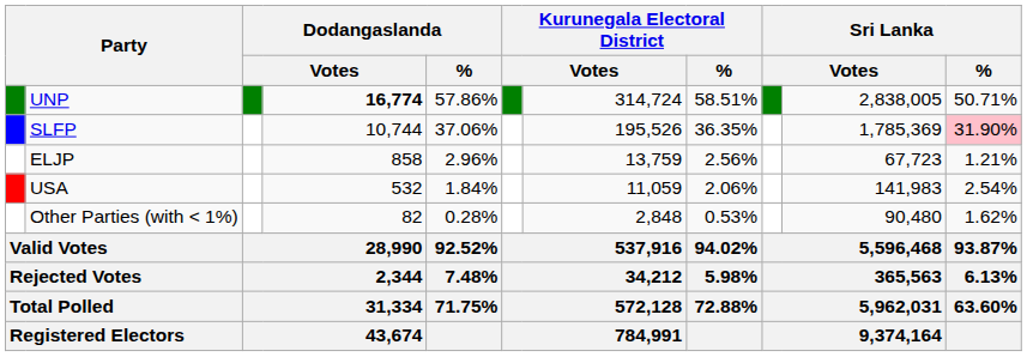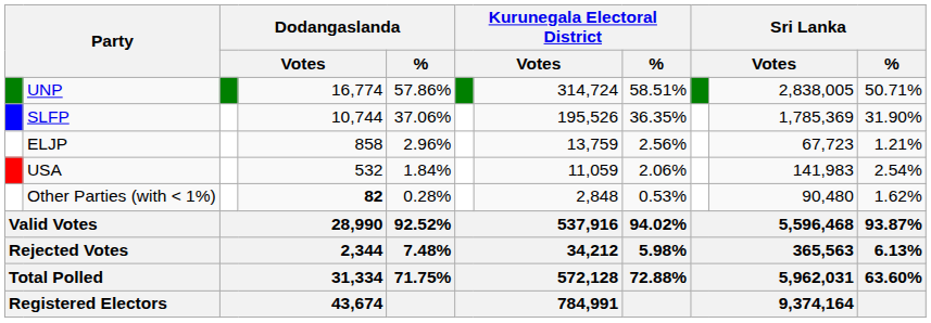 <table class="wikitable">
 <tr>
 <th colspan="2" width="144px"rowspan="2">Party</th>
 <th colspan="3" width="216px">Dodangaslanda</th>
 <th colspan="3" width="216px"><a href='#'>Kurunegala Electoral District</a></th>
 <th colspan="3" width="216px">Sri Lanka</th>
 </tr>
 <tr>
 <th colspan="2" width="144px">Votes</th>
 <th>%</th>
 <th colspan="2" width="144px">Votes</th>
 <th>%</th>
 <th colspan="2" width="144px">Votes</th>
 <th>%</th>
 </tr>
 <tr>
 <td style="background-color:green;" width="10px"></td>
 <td style="text-align:left;"><a href='#'>UNP</a></td>
 <td style="background-color:green;" width="10px"></td>
-<td style="text-align:right;"><strong>16,774</strong></td>
+<td style="text-align:right;">16,774</td>
 <td style="text-align:right;">57.86%</td>
 <td style="background-color:green;" width="10px"></td>
 <td style="text-align:right;">314,724</td>
 <td style="text-align:right;">58.51%</td>
 <td style="background-color:green;" width="10px"></td>
 <td style="text-align:right;">2,838,005</td>
 <td style="text-align:right;">50.71%</td>
 </tr>
 <tr>
 <td style="background-color:blue;" width="10px"></td>
 <td style="text-align:left;"><a href='#'>SLFP</a></td>
 <td style="background-color:white;" width="10px"></td>
 <td style="text-align:right;">10,744</td>
 <td style="text-align:right;">37.06%</td>
 <td style="background-color:white;" width="10px"></td>
 <td style="text-align:right;">195,526</td>
 <td style="text-align:right;">36.35%</td>
 <td style="background-color:white;" width="10px"></td>
 <td style="text-align:right;">1,785,369</td>
-<td style="background: pink; text-align:right;">31.90%</td>
+<td style="text-align:right;">31.90%</td>
 </tr>
 <tr>
 <td style="background-color:white;" width="10px"></td>
 <td style="text-align:left;">ELJP</td>
 <td style="background-color:white;" width="10px"></td>
 <td style="text-align:right;">858</td>
 <td style="text-align:right;">2.96%</td>
 <td style="background-color:white;" width="10px"></td>
 <td style="text-align:right;">13,759</td>
 <td style="text-align:right;">2.56%</td>
 <td style="background-color:white;" width="10px"></td>
 <td style="text-align:right;">67,723</td>
 <td style="text-align:right;">1.21%</td>
 </tr>
 <tr>
 <td style="background-color:red;" width="10px"></td>
 <td style="text-align:left;">USA</td>
 <td style="background-color:white;" width="10px"></td>
 <td style="text-align:right;">532</td>
 <td style="text-align:right;">1.84%</td>
 <td style="background-color:white;" width="10px"></td>
 <td style="text-align:right;">11,059</td>
 <td style="text-align:right;">2.06%</td>
 <td style="background-color:white;" width="10px"></td>
 <td style="text-align:right;">141,983</td>
 <td style="text-align:right;">2.54%</td>
 </tr>
 <tr>
 <td style="background-color:white;" width="10px"></td>
 <td style="text-align:left;">Other Parties (with < 1%)</td>
 <td style="background-color:white;" width="10px"></td>
-<td style="text-align:right;">82</td>
+<td style="text-align:right;"><strong>82</strong></td>
 <td style="text-align:right;">0.28%</td>
 <td style="background-color:white;" width="10px"></td>
 <td style="text-align:right;">2,848</td>
 <td style="text-align:right;">0.53%</td>
 <td style="background-color:white;" width="10px"></td>
 <td style="text-align:right;">90,480</td>
 <td style="text-align:right;">1.62%</td>
 </tr>
 <tr>
 <th colspan="2" width="144px"style="text-align:left;">Valid Votes</th>
 <th style="text-align:right;"colspan="2" width="144px">28,990</th>
 <th style="text-align:right;">92.52%</th>
 <th style="text-align:right;"colspan="2" width="144px">537,916</th>
 <th style="text-align:right;">94.02%</th>
 <th style="text-align:right;"colspan="2" width="144px">5,596,468</th>
 <th style="text-align:right;">93.87%</th>
 </tr>
 <tr>
 <th colspan="2" width="144px"style="text-align:left;">Rejected Votes</th>
 <th style="text-align:right;"colspan="2" width="144px">2,344</th>
 <th style="text-align:right;">7.48%</th>
 <th style="text-align:right;"colspan="2" width="144px">34,212</th>
 <th style="text-align:right;">5.98%</th>
 <th style="text-align:right;"colspan="2" width="144px">365,563</th>
 <th style="text-align:right;">6.13%</th>
 </tr>
 <tr>
 <th colspan="2" width="144px"style="text-align:left;">Total Polled</th>
 <th style="text-align:right;"colspan="2" width="144px">31,334</th>
 <th style="text-align:right;">71.75%</th>
 <th style="text-align:right;"colspan="2" width="144px">572,128</th>
 <th style="text-align:right;">72.88%</th>
 <th style="text-align:right;"colspan="2" width="144px">5,962,031</th>
 <th style="text-align:right;">63.60%</th>
 </tr>
 <tr>
 <th colspan="2" width="144px"style="text-align:left;">Registered Electors</th>
 <th style="text-align:right;"colspan="2" width="144px">43,674</th>
 <th></th>
 <th style="text-align:right;"colspan="2" width="144px">784,991</th>
 <th></th>
 <th style="text-align:right;"colspan="2" width="144px">9,374,164</th>
 <th></th>
 </tr>
 </table>
